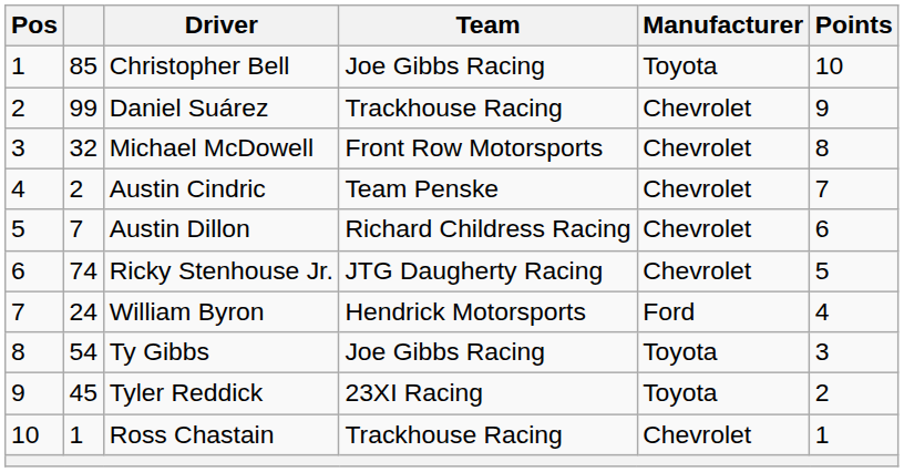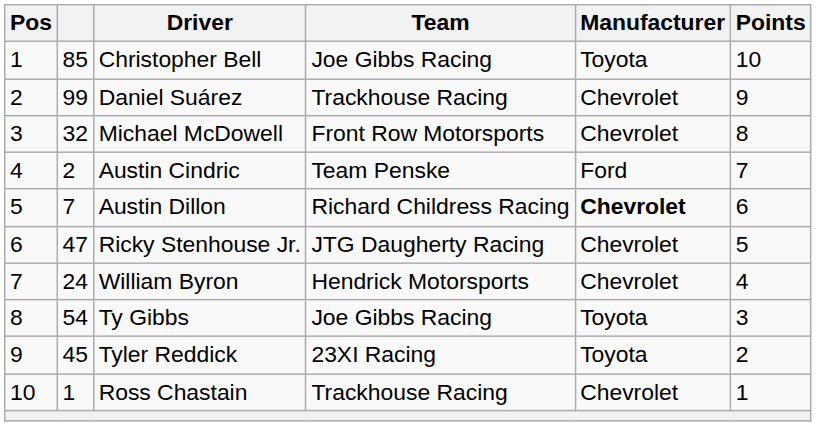 <table class="wikitable" style="font-size:98%">
 <tr>
 <th>Pos</th>
 <th></th>
 <th>Driver</th>
 <th>Team</th>
 <th>Manufacturer</th>
 <th>Points</th>
 </tr>
 <tr>
 <td>1</td>
 <td>85</td>
 <td>Christopher Bell</td>
 <td>Joe Gibbs Racing</td>
 <td>Toyota</td>
 <td>10</td>
 </tr>
 <tr>
 <td>2</td>
 <td>99</td>
 <td>Daniel Suárez</td>
 <td>Trackhouse Racing</td>
 <td>Chevrolet</td>
 <td>9</td>
 </tr>
 <tr>
 <td>3</td>
 <td>32</td>
 <td>Michael McDowell</td>
 <td>Front Row Motorsports</td>
 <td>Chevrolet</td>
 <td>8</td>
 </tr>
 <tr>
 <td>4</td>
 <td>2</td>
 <td>Austin Cindric</td>
 <td>Team Penske</td>
-<td>Chevrolet</td>
+<td>Ford</td>
 <td>7</td>
 </tr>
 <tr>
 <td>5</td>
 <td>7</td>
 <td>Austin Dillon</td>
 <td>Richard Childress Racing</td>
-<td>Chevrolet</td>
+<td><strong>Chevrolet</strong></td>
 <td>6</td>
 </tr>
 <tr>
 <td>6</td>
-<td>74</td>
+<td>47</td>
 <td>Ricky Stenhouse Jr.</td>
 <td>JTG Daugherty Racing</td>
 <td>Chevrolet</td>
 <td>5</td>
 </tr>
 <tr>
 <td>7</td>
 <td>24</td>
 <td>William Byron</td>
 <td>Hendrick Motorsports</td>
-<td>Ford</td>
+<td>Chevrolet</td>
 <td>4</td>
 </tr>
 <tr>
 <td>8</td>
 <td>54</td>
 <td>Ty Gibbs</td>
 <td>Joe Gibbs Racing</td>
 <td>Toyota</td>
 <td>3</td>
 </tr>
 <tr>
 <td>9</td>
 <td>45</td>
 <td>Tyler Reddick</td>
 <td>23XI Racing</td>
 <td>Toyota</td>
 <td>2</td>
 </tr>
 <tr>
 <td>10</td>
 <td>1</td>
 <td>Ross Chastain</td>
 <td>Trackhouse Racing</td>
 <td>Chevrolet</td>
 <td>1</td>
 </tr>
 <tr>
 <th colspan="6"></th>
 </tr>
 </table>
